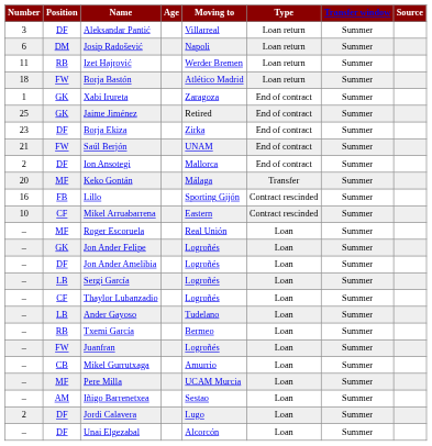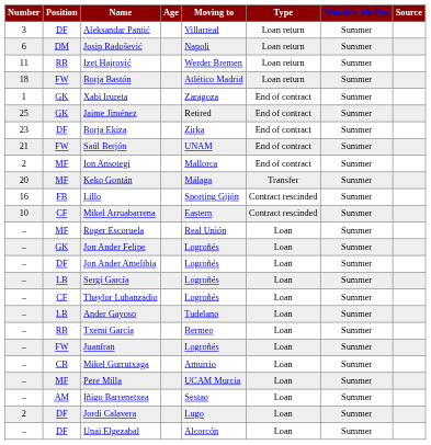 <table cellpadding="4" cellspacing="0" border="1" style="text-align: center; font-size: 85%; border: gray solid 1px; border-collapse: collapse;">
 <tr style="background:#8B0000; color:white;">
 <th>Number</th>
 <th>Position</th>
 <th>Name</th>
 <th>Age</th>
 <th>Moving to</th>
 <th>Type</th>
 <th><a href='#'>Transfer window</a></th>
 <th>Source</th>
 </tr>
 <tr>
 <td>3</td>
 <td><a href='#'>DF</a></td>
 <td align="left"> <a href='#'>Aleksandar Pantić</a></td>
 <td></td>
 <td align="left"><a href='#'>Villarreal</a></td>
 <td>Loan return</td>
 <td>Summer</td>
 <td></td>
 </tr>
 <tr bgcolor="#EFEFEF">
 <td>6</td>
 <td><a href='#'>DM</a></td>
 <td align="left"> <a href='#'>Josip Radošević</a></td>
 <td></td>
 <td align="left"> <a href='#'>Napoli</a></td>
 <td>Loan return</td>
 <td>Summer</td>
 <td></td>
 </tr>
 <tr>
 <td>11</td>
 <td><a href='#'>RB</a></td>
 <td align="left"> <a href='#'>Izet Hajrović</a></td>
 <td></td>
 <td align="left"> <a href='#'>Werder Bremen</a></td>
 <td>Loan return</td>
 <td>Summer</td>
 <td></td>
 </tr>
 <tr bgcolor="#EFEFEF">
 <td>18</td>
 <td><a href='#'>FW</a></td>
 <td align="left"> <a href='#'>Borja Bastón</a></td>
 <td></td>
 <td align="left"><a href='#'>Atlético Madrid</a></td>
 <td>Loan return</td>
 <td>Summer</td>
 <td></td>
 </tr>
 <tr>
 <td>1</td>
 <td><a href='#'>GK</a></td>
 <td align="left"> <a href='#'>Xabi Irureta</a></td>
 <td></td>
 <td align="left"><a href='#'>Zaragoza</a></td>
 <td>End of contract</td>
 <td>Summer</td>
 <td></td>
 </tr>
 <tr bgcolor="#EFEFEF">
 <td>25</td>
 <td><a href='#'>GK</a></td>
 <td align="left"> <a href='#'>Jaime Jiménez</a></td>
 <td></td>
 <td align="left">Retired</td>
 <td>End of contract</td>
 <td>Summer</td>
 <td></td>
 </tr>
 <tr>
 <td>23</td>
 <td><a href='#'>DF</a></td>
 <td align="left"> <a href='#'>Borja Ekiza</a></td>
 <td></td>
 <td align="left"> <a href='#'>Zirka</a></td>
 <td>End of contract</td>
 <td>Summer</td>
 <td></td>
 </tr>
 <tr bgcolor="#EFEFEF">
 <td>21</td>
 <td><a href='#'>FW</a></td>
 <td align="left"> <a href='#'>Saúl Berjón</a></td>
 <td></td>
 <td align="left"> <a href='#'>UNAM</a></td>
 <td>End of contract</td>
 <td>Summer</td>
 <td></td>
 </tr>
 <tr>
 <td>2</td>
-<td><a href='#'>DF</a></td>
+<td><a href='#'>MF</a></td>
 <td align="left"> <a href='#'>Ion Ansotegi</a></td>
 <td></td>
 <td align="left"><a href='#'>Mallorca</a></td>
 <td>End of contract</td>
 <td>Summer</td>
 <td></td>
 </tr>
 <tr bgcolor="#EFEFEF">
 <td>20</td>
 <td><a href='#'>MF</a></td>
 <td align="left"> <a href='#'>Keko Gontán</a></td>
 <td></td>
 <td align="left"><a href='#'>Málaga</a></td>
 <td>Transfer</td>
 <td>Summer</td>
 <td></td>
 </tr>
 <tr>
 <td>16</td>
 <td><a href='#'>FB</a></td>
 <td align="left"> <a href='#'>Lillo</a></td>
 <td></td>
 <td align="left"><a href='#'>Sporting Gijón</a></td>
 <td>Contract rescinded</td>
 <td>Summer</td>
 <td></td>
 </tr>
 <tr bgcolor="#EFEFEF">
 <td>10</td>
 <td><a href='#'>CF</a></td>
 <td align="left"> <a href='#'>Mikel Arruabarrena</a></td>
 <td></td>
 <td align="left"> <a href='#'>Eastern</a></td>
 <td>Contract rescinded</td>
 <td>Summer</td>
 <td></td>
 </tr>
 <tr>
 <td>–</td>
 <td><a href='#'>MF</a></td>
 <td align="left"> <a href='#'>Roger Escoruela</a></td>
 <td></td>
 <td align="left"><a href='#'>Real Unión</a></td>
 <td>Loan</td>
 <td>Summer</td>
 <td></td>
 </tr>
 <tr bgcolor="#EFEFEF">
 <td>–</td>
 <td><a href='#'>GK</a></td>
 <td align="left"> <a href='#'>Jon Ander Felipe</a></td>
 <td></td>
 <td align="left"><a href='#'>Logroñés</a></td>
 <td>Loan</td>
 <td>Summer</td>
 <td></td>
 </tr>
 <tr>
 <td>–</td>
 <td><a href='#'>DF</a></td>
 <td align="left"> <a href='#'>Jon Ander Amelibia</a></td>
 <td></td>
 <td align="left"><a href='#'>Logroñés</a></td>
 <td>Loan</td>
 <td>Summer</td>
 <td></td>
 </tr>
 <tr bgcolor="#EFEFEF">
 <td>–</td>
 <td><a href='#'>LB</a></td>
 <td align="left"> <a href='#'>Sergi García</a></td>
 <td></td>
 <td align="left"><a href='#'>Logroñés</a></td>
 <td>Loan</td>
 <td>Summer</td>
 <td></td>
 </tr>
 <tr>
 <td>–</td>
 <td><a href='#'>CF</a></td>
 <td align="left"> <a href='#'>Thaylor Lubanzadio</a></td>
 <td></td>
 <td align="left"><a href='#'>Logroñés</a></td>
 <td>Loan</td>
 <td>Summer</td>
 <td></td>
 </tr>
 <tr bgcolor="#EFEFEF">
 <td>–</td>
 <td><a href='#'>LB</a></td>
 <td align="left"> <a href='#'>Ander Gayoso</a></td>
 <td></td>
 <td align="left"><a href='#'>Tudelano</a></td>
 <td>Loan</td>
 <td>Summer</td>
 <td></td>
 </tr>
 <tr>
 <td>–</td>
 <td><a href='#'>RB</a></td>
 <td align="left"> <a href='#'>Txemi García</a></td>
 <td></td>
 <td align="left"><a href='#'>Bermeo</a></td>
 <td>Loan</td>
 <td>Summer</td>
 <td></td>
 </tr>
 <tr bgcolor="#EFEFEF">
 <td>–</td>
 <td><a href='#'>FW</a></td>
 <td align="left"> <a href='#'>Juanfran</a></td>
 <td></td>
 <td align="left"><a href='#'>Logroñés</a></td>
 <td>Loan</td>
 <td>Summer</td>
 <td></td>
 </tr>
 <tr>
 <td>–</td>
 <td><a href='#'>CB</a></td>
 <td align="left"> <a href='#'>Mikel Gurrutxaga</a></td>
 <td></td>
 <td align="left"><a href='#'>Amurrio</a></td>
 <td>Loan</td>
 <td>Summer</td>
 <td></td>
 </tr>
 <tr bgcolor="#EFEFEF">
 <td>–</td>
 <td><a href='#'>MF</a></td>
 <td align="left"> <a href='#'>Pere Milla</a></td>
 <td></td>
 <td align="left"><a href='#'>UCAM Murcia</a></td>
 <td>Loan</td>
 <td>Summer</td>
 <td></td>
 </tr>
 <tr>
 <td>–</td>
 <td><a href='#'>AM</a></td>
 <td align="left"> <a href='#'>Iñigo Barrenetxea</a></td>
 <td></td>
 <td align="left"><a href='#'>Sestao</a></td>
 <td>Loan</td>
 <td>Summer</td>
 <td></td>
 </tr>
 <tr bgcolor="#EFEFEF">
 <td>2</td>
 <td><a href='#'>DF</a></td>
 <td align="left"> <a href='#'>Jordi Calavera</a></td>
 <td></td>
 <td align="left"><a href='#'>Lugo</a></td>
 <td>Loan</td>
 <td>Summer</td>
 <td></td>
 </tr>
 <tr>
 <td>–</td>
 <td><a href='#'>DF</a></td>
 <td align="left"> <a href='#'>Unai Elgezabal</a></td>
 <td></td>
 <td align="left"><a href='#'>Alcorcón</a></td>
 <td>Loan</td>
 <td>Summer</td>
 <td></td>
 </tr>
 </table>
